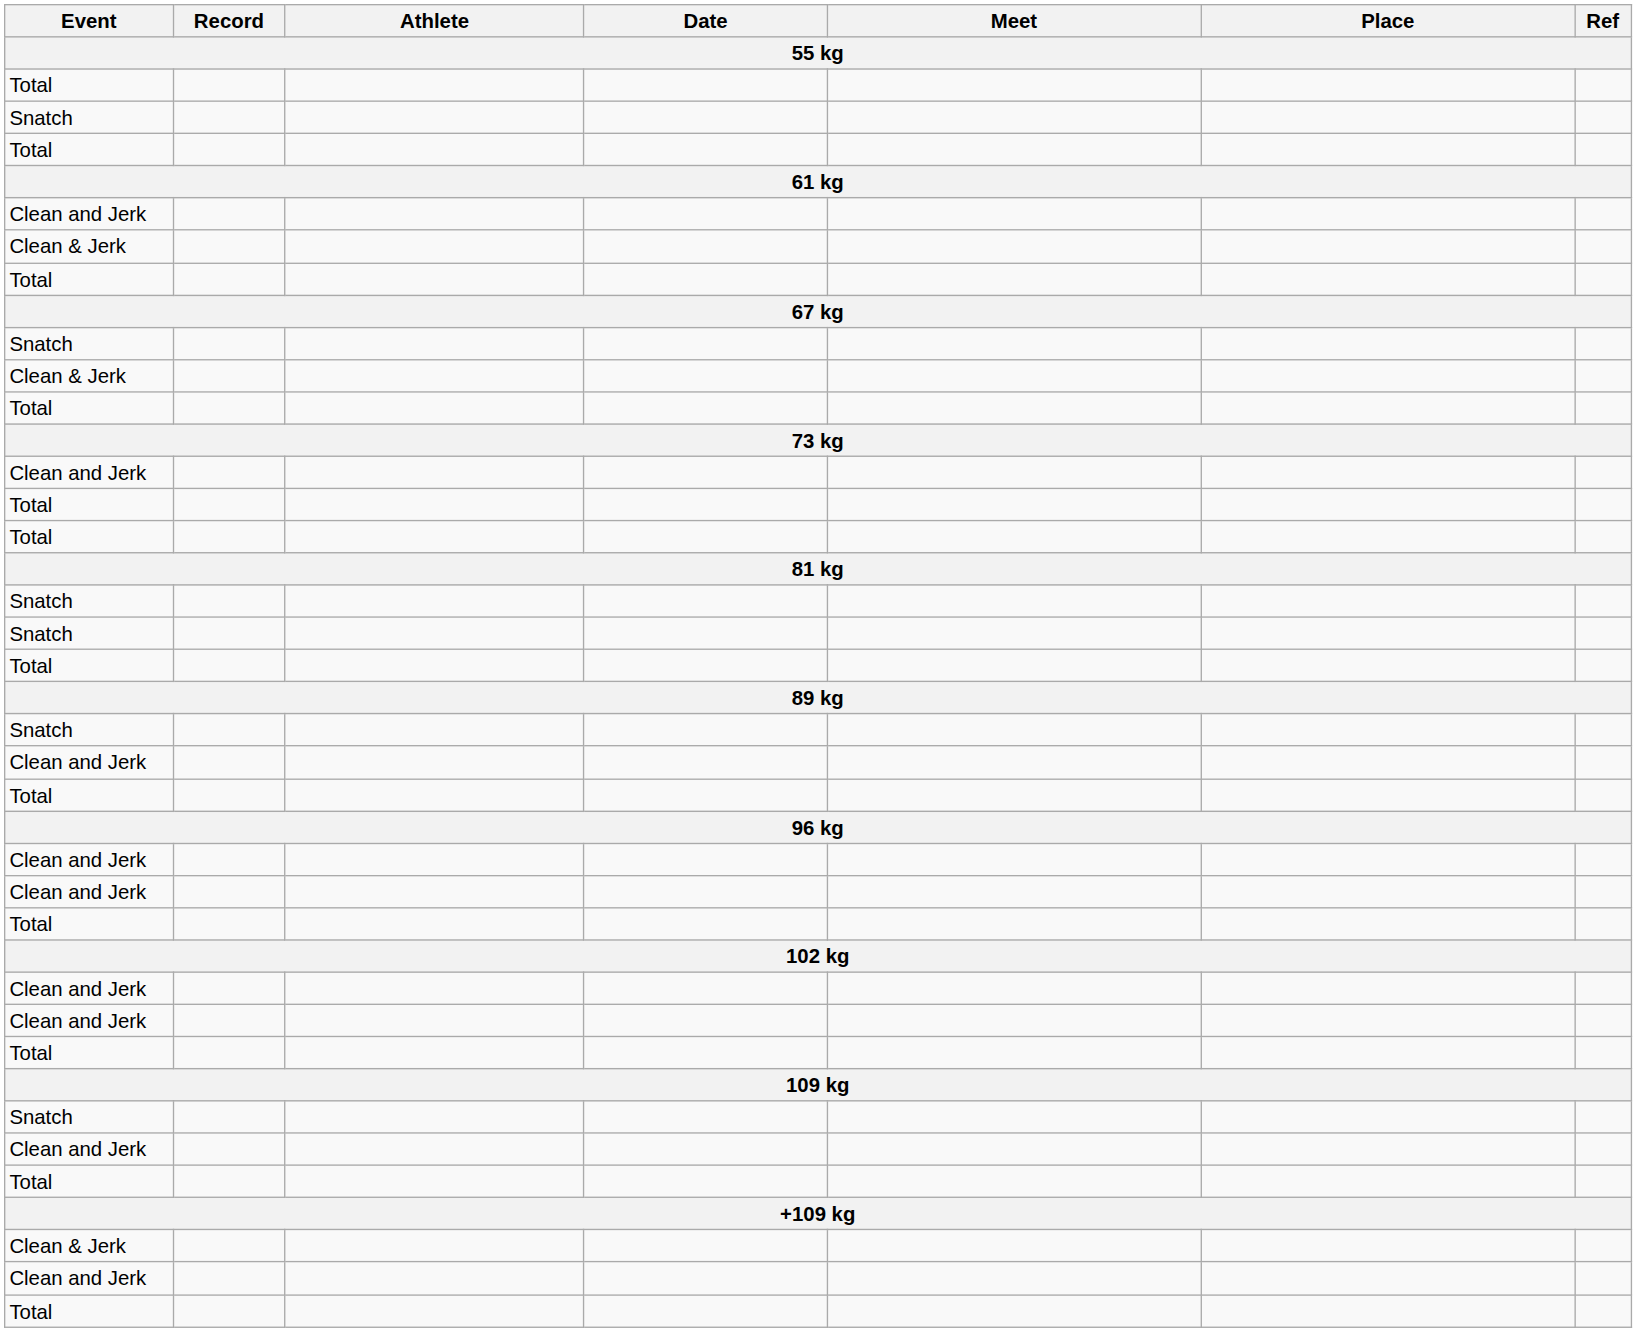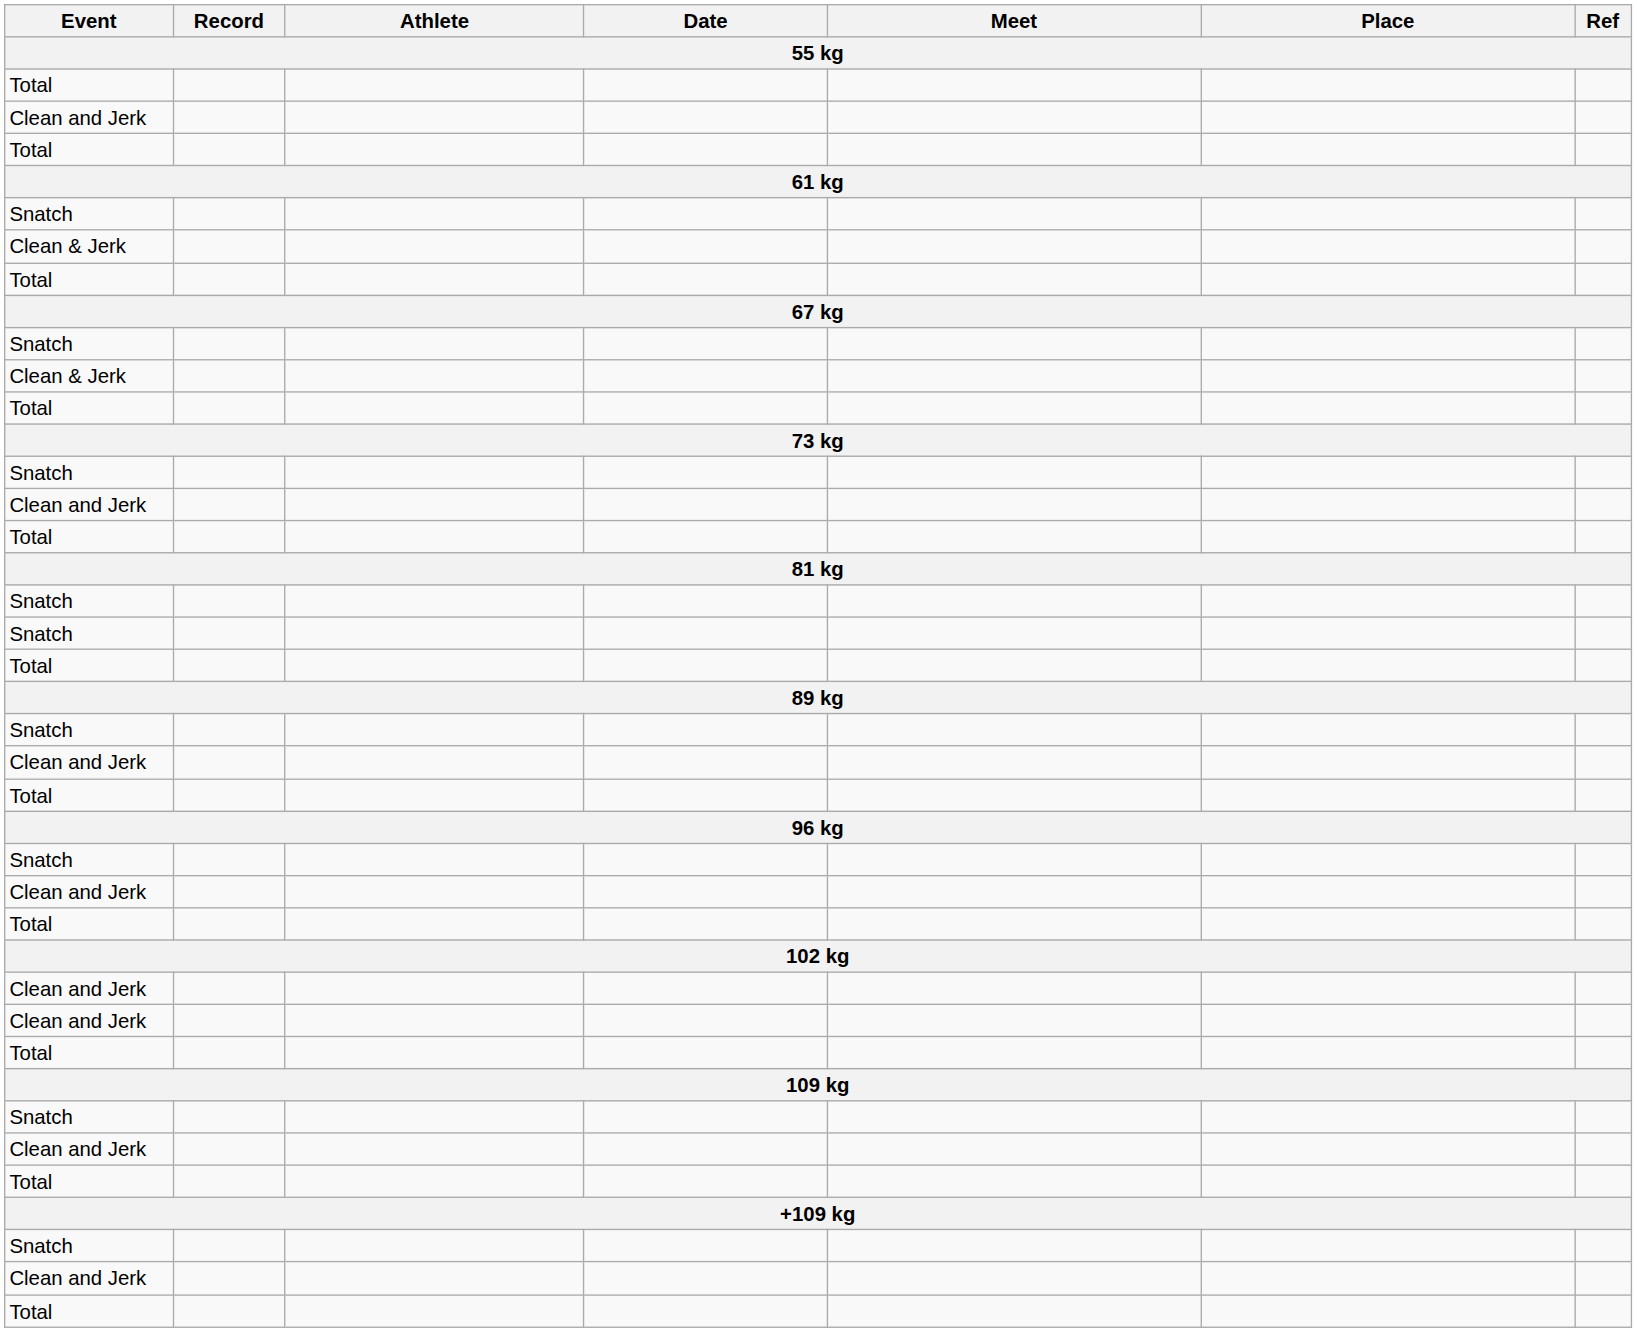 <table class="wikitable" style="font-size:95%;">
 <tr>
 <th width=9%>Event</th>
 <th width=6%>Record</th>
 <th width=16%>Athlete</th>
 <th width=13%>Date</th>
 <th width=20%>Meet</th>
 <th width=20%>Place</th>
 <th width=3%>Ref</th>
 </tr>
 <tr bgcolor="#DDDDDD">
 <th colspan="7">55 kg</th>
 </tr>
 <tr>
 <td>Total</td>
 <td align="center"></td>
 <td></td>
 <td></td>
 <td></td>
 <td></td>
 <td></td>
 </tr>
 <tr>
-<td>Snatch</td>
+<td>Clean and Jerk</td>
 <td align="center"></td>
 <td></td>
 <td></td>
 <td></td>
 <td></td>
 <td></td>
 </tr>
 <tr>
 <td>Total</td>
 <td align="center"></td>
 <td></td>
 <td></td>
 <td></td>
 <td></td>
 <td></td>
 </tr>
 <tr bgcolor="#DDDDDD">
 <th colspan="7">61 kg</th>
 </tr>
 <tr>
-<td>Clean and Jerk</td>
+<td>Snatch</td>
 <td align="center"></td>
 <td></td>
 <td></td>
 <td></td>
 <td></td>
 <td></td>
 </tr>
 <tr>
 <td>Clean & Jerk</td>
 <td align="center"></td>
 <td></td>
 <td></td>
 <td></td>
 <td></td>
 <td></td>
 </tr>
 <tr>
 <td>Total</td>
 <td align="center"></td>
 <td></td>
 <td></td>
 <td></td>
 <td></td>
 <td></td>
 </tr>
 <tr bgcolor="#DDDDDD">
 <th colspan="7">67 kg</th>
 </tr>
 <tr>
 <td>Snatch</td>
 <td align="center"></td>
 <td></td>
 <td></td>
 <td></td>
 <td></td>
 <td></td>
 </tr>
 <tr>
 <td>Clean & Jerk</td>
 <td align="center"></td>
 <td></td>
 <td></td>
 <td></td>
 <td></td>
 <td></td>
 </tr>
 <tr>
 <td>Total</td>
 <td align="center"></td>
 <td></td>
 <td></td>
 <td></td>
 <td></td>
 <td></td>
 </tr>
 <tr bgcolor="#DDDDDD">
 <th colspan="7">73 kg</th>
 </tr>
 <tr>
-<td>Clean and Jerk</td>
+<td>Snatch</td>
 <td align="center"></td>
 <td></td>
 <td></td>
 <td></td>
 <td></td>
 <td></td>
 </tr>
 <tr>
-<td>Total</td>
+<td>Clean and Jerk</td>
 <td align="center"></td>
 <td></td>
 <td></td>
 <td></td>
 <td></td>
 <td></td>
 </tr>
 <tr>
 <td>Total</td>
 <td align="center"></td>
 <td></td>
 <td></td>
 <td></td>
 <td></td>
 <td></td>
 </tr>
 <tr bgcolor="#DDDDDD">
 <th colspan="7">81 kg</th>
 </tr>
 <tr>
 <td>Snatch</td>
 <td align="center"></td>
 <td></td>
 <td></td>
 <td></td>
 <td></td>
 <td></td>
 </tr>
 <tr>
 <td>Snatch</td>
 <td align="center"></td>
 <td></td>
 <td></td>
 <td></td>
 <td></td>
 <td></td>
 </tr>
 <tr>
 <td>Total</td>
 <td align="center"></td>
 <td></td>
 <td></td>
 <td></td>
 <td></td>
 <td></td>
 </tr>
 <tr bgcolor="#DDDDDD">
 <th colspan="7">89 kg</th>
 </tr>
 <tr>
 <td>Snatch</td>
 <td align="center"></td>
 <td></td>
 <td></td>
 <td></td>
 <td></td>
 <td></td>
 </tr>
 <tr>
 <td>Clean and Jerk</td>
 <td align="center"></td>
 <td></td>
 <td></td>
 <td></td>
 <td></td>
 <td></td>
 </tr>
 <tr>
 <td>Total</td>
 <td align="center"></td>
 <td></td>
 <td></td>
 <td></td>
 <td></td>
 <td></td>
 </tr>
 <tr bgcolor="#DDDDDD">
 <th colspan="7">96 kg</th>
 </tr>
 <tr>
-<td>Clean and Jerk</td>
+<td>Snatch</td>
 <td align="center"></td>
 <td></td>
 <td></td>
 <td></td>
 <td></td>
 <td></td>
 </tr>
 <tr>
 <td>Clean and Jerk</td>
 <td align="center"></td>
 <td></td>
 <td></td>
 <td></td>
 <td></td>
 <td></td>
 </tr>
 <tr>
 <td>Total</td>
 <td align="center"></td>
 <td></td>
 <td></td>
 <td></td>
 <td></td>
 <td></td>
 </tr>
 <tr bgcolor="#DDDDDD">
 <th colspan="7">102 kg</th>
 </tr>
 <tr>
 <td>Clean and Jerk</td>
 <td align="center"></td>
 <td></td>
 <td></td>
 <td></td>
 <td></td>
 <td></td>
 </tr>
 <tr>
 <td>Clean and Jerk</td>
 <td align="center"></td>
 <td></td>
 <td></td>
 <td></td>
 <td></td>
 <td></td>
 </tr>
 <tr>
 <td>Total</td>
 <td align="center"></td>
 <td></td>
 <td></td>
 <td></td>
 <td></td>
 <td></td>
 </tr>
 <tr bgcolor="#DDDDDD">
 <th colspan="7">109 kg</th>
 </tr>
 <tr>
 <td>Snatch</td>
 <td align="center"></td>
 <td></td>
 <td></td>
 <td></td>
 <td></td>
 <td></td>
 </tr>
 <tr>
 <td>Clean and Jerk</td>
 <td align="center"></td>
 <td></td>
 <td></td>
 <td></td>
 <td></td>
 <td></td>
 </tr>
 <tr>
 <td>Total</td>
 <td align="center"></td>
 <td></td>
 <td></td>
 <td></td>
 <td></td>
 <td></td>
 </tr>
 <tr bgcolor="#DDDDDD">
 <th colspan="7">+109 kg</th>
 </tr>
 <tr>
-<td>Clean & Jerk</td>
+<td>Snatch</td>
 <td align="center"></td>
 <td></td>
 <td></td>
 <td></td>
 <td></td>
 <td></td>
 </tr>
 <tr>
 <td>Clean and Jerk</td>
 <td align="center"></td>
 <td></td>
 <td></td>
 <td></td>
 <td></td>
 <td></td>
 </tr>
 <tr>
 <td>Total</td>
 <td align="center"></td>
 <td></td>
 <td></td>
 <td></td>
 <td></td>
 <td></td>
 </tr>
 </table>
